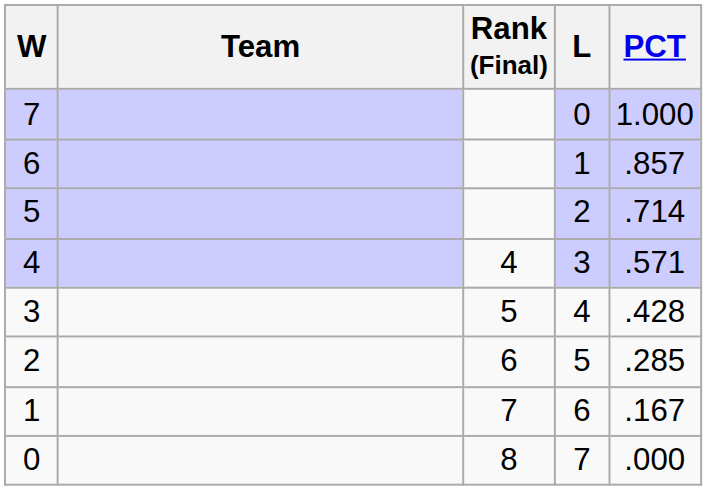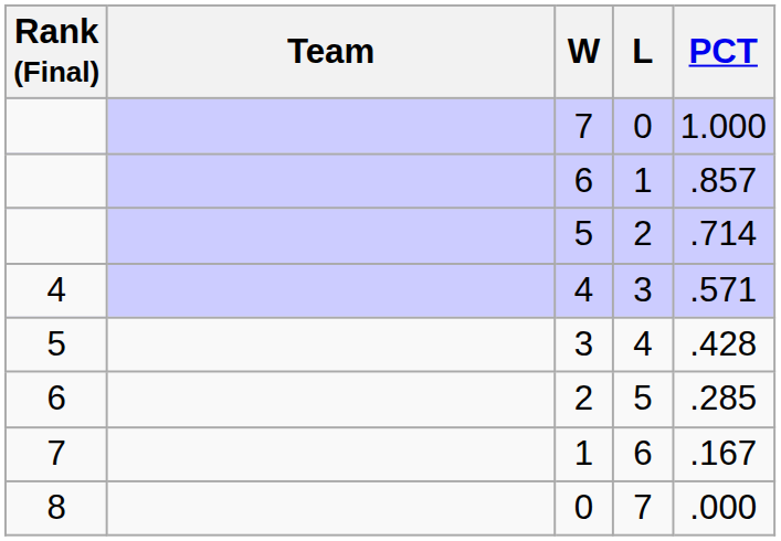 <table class="wikitable" style="text-align:center;">
 <tr>
+<th width=40>Rank<br><small>(Final)</small></th>
+<th width=200px>Team</th>
 <th width=20px>W</th>
-<th width=200px>Team</th>
-<th width=40>Rank<br><small>(Final)</small></th>
 <th width=20px>L</th>
 <th width=30px><a href='#'>PCT</a></th>
 </tr>
 <tr bgcolor="#CCCCFF">
+<td bgcolor="#F9F9F9"></td>
+<td align=left><strong></strong></td>
 <td>7</td>
-<td align=left><strong></strong></td>
-<td bgcolor="#F9F9F9"></td>
 <td>0</td>
 <td>1.000</td>
 </tr>
 <tr bgcolor="#CCCCFF">
+<td bgcolor="#F9F9F9"></td>
+<td align=left></td>
 <td>6</td>
-<td align=left></td>
-<td bgcolor="#F9F9F9"></td>
 <td>1</td>
 <td>.857</td>
 </tr>
 <tr bgcolor="#CCCCFF">
+<td bgcolor="#F9F9F9"></td>
+<td align=left></td>
 <td>5</td>
-<td align=left></td>
-<td bgcolor="#F9F9F9"></td>
 <td>2</td>
 <td>.714</td>
 </tr>
 <tr bgcolor="#CCCCFF">
+<td bgcolor="#F9F9F9">4</td>
+<td align=left></td>
 <td>4</td>
-<td align=left></td>
-<td bgcolor="#F9F9F9">4</td>
 <td>3</td>
 <td>.571</td>
 </tr>
 <tr>
+<td>5</td>
+<td align=left></td>
 <td>3</td>
-<td align=left></td>
-<td>5</td>
 <td>4</td>
 <td>.428</td>
 </tr>
 <tr>
+<td>6</td>
+<td align=left></td>
 <td>2</td>
-<td align=left></td>
-<td>6</td>
 <td>5</td>
 <td>.285</td>
 </tr>
 <tr>
+<td>7</td>
+<td align=left></td>
 <td>1</td>
-<td align=left></td>
-<td>7</td>
 <td>6</td>
 <td>.167</td>
 </tr>
 <tr>
+<td>8</td>
+<td align=left></td>
 <td>0</td>
-<td align=left></td>
-<td>8</td>
 <td>7</td>
 <td>.000</td>
 </tr>
 </table>
